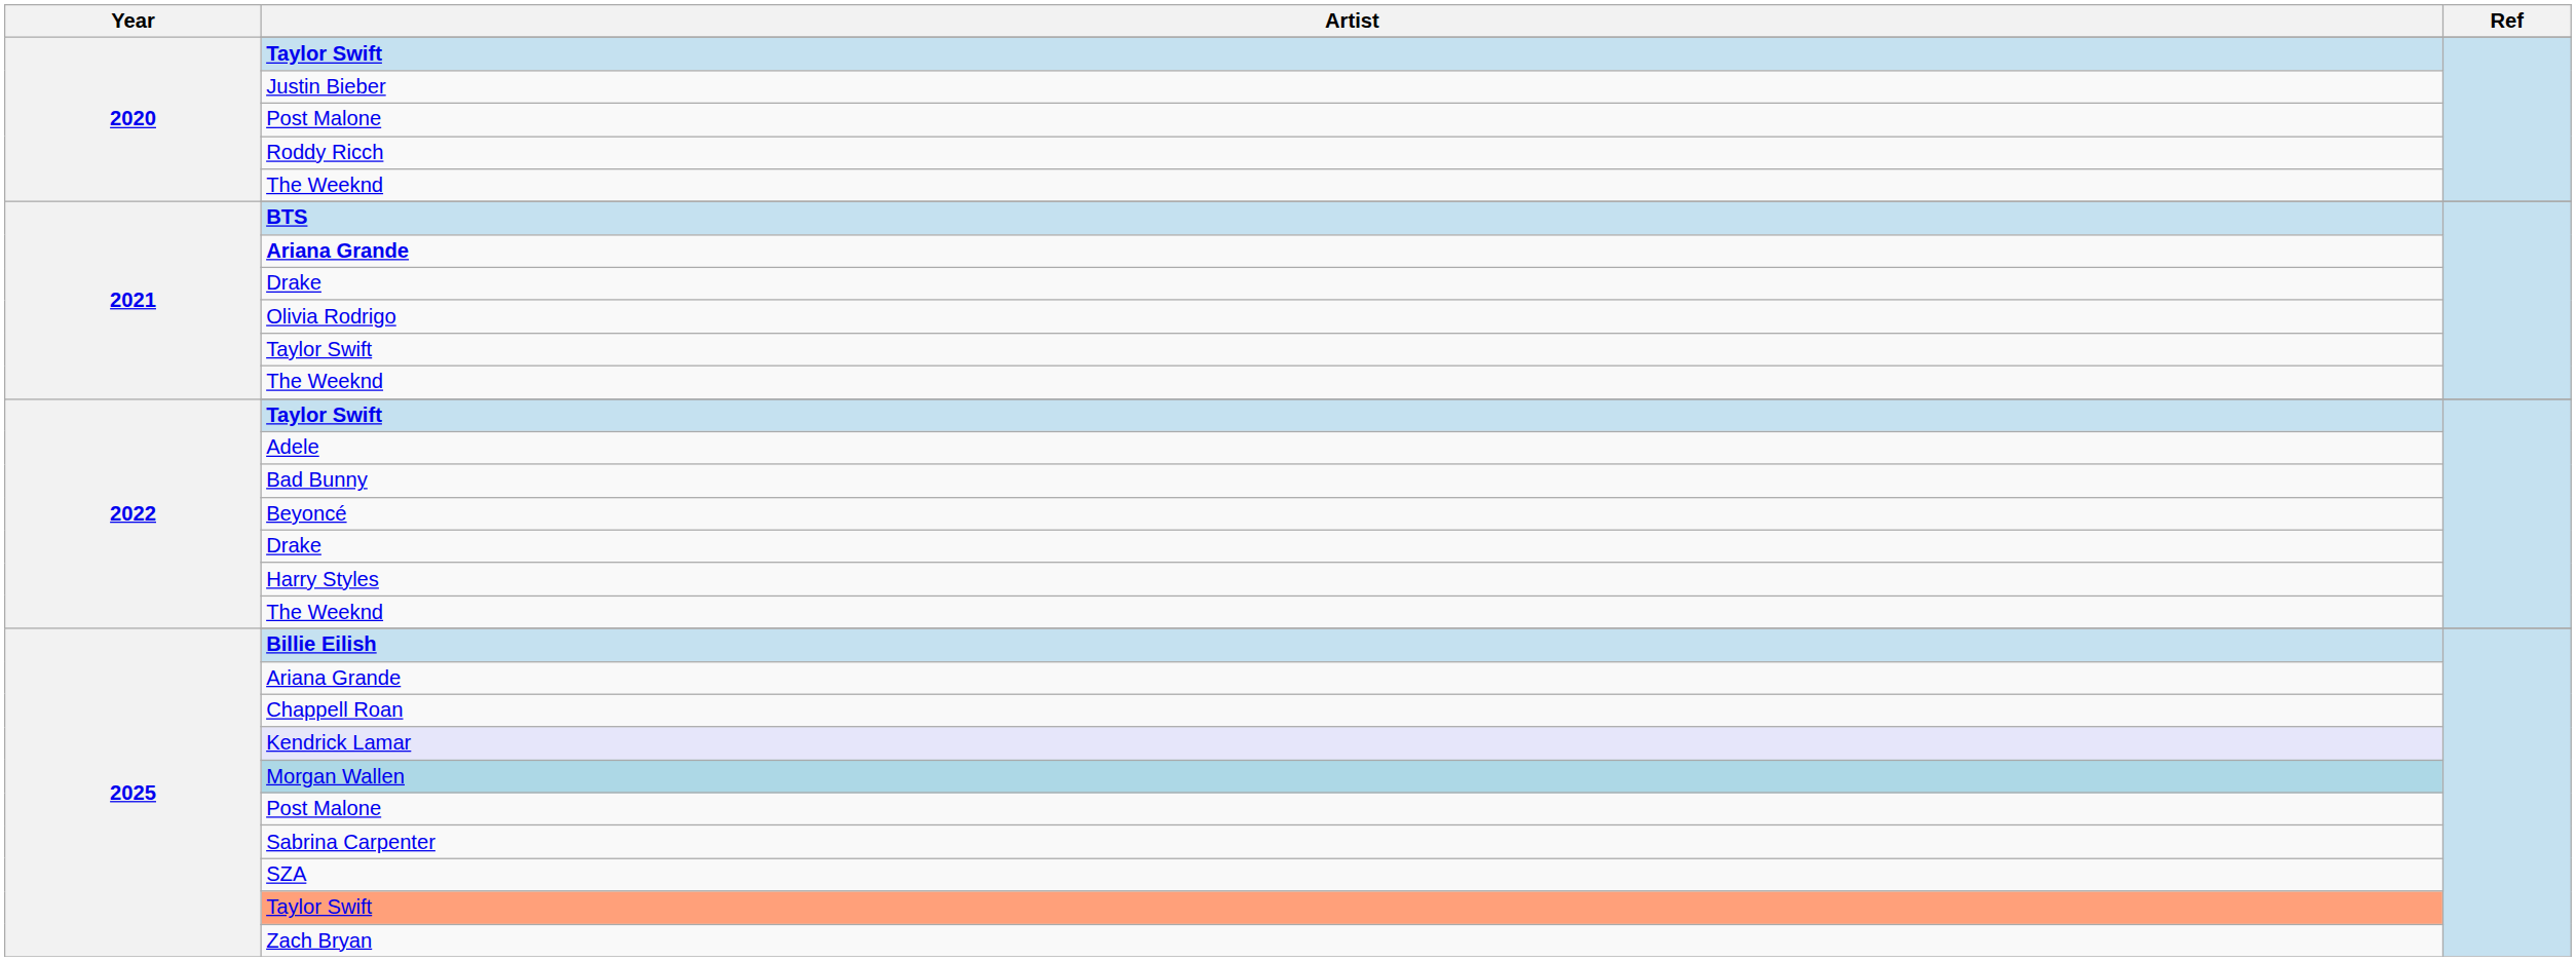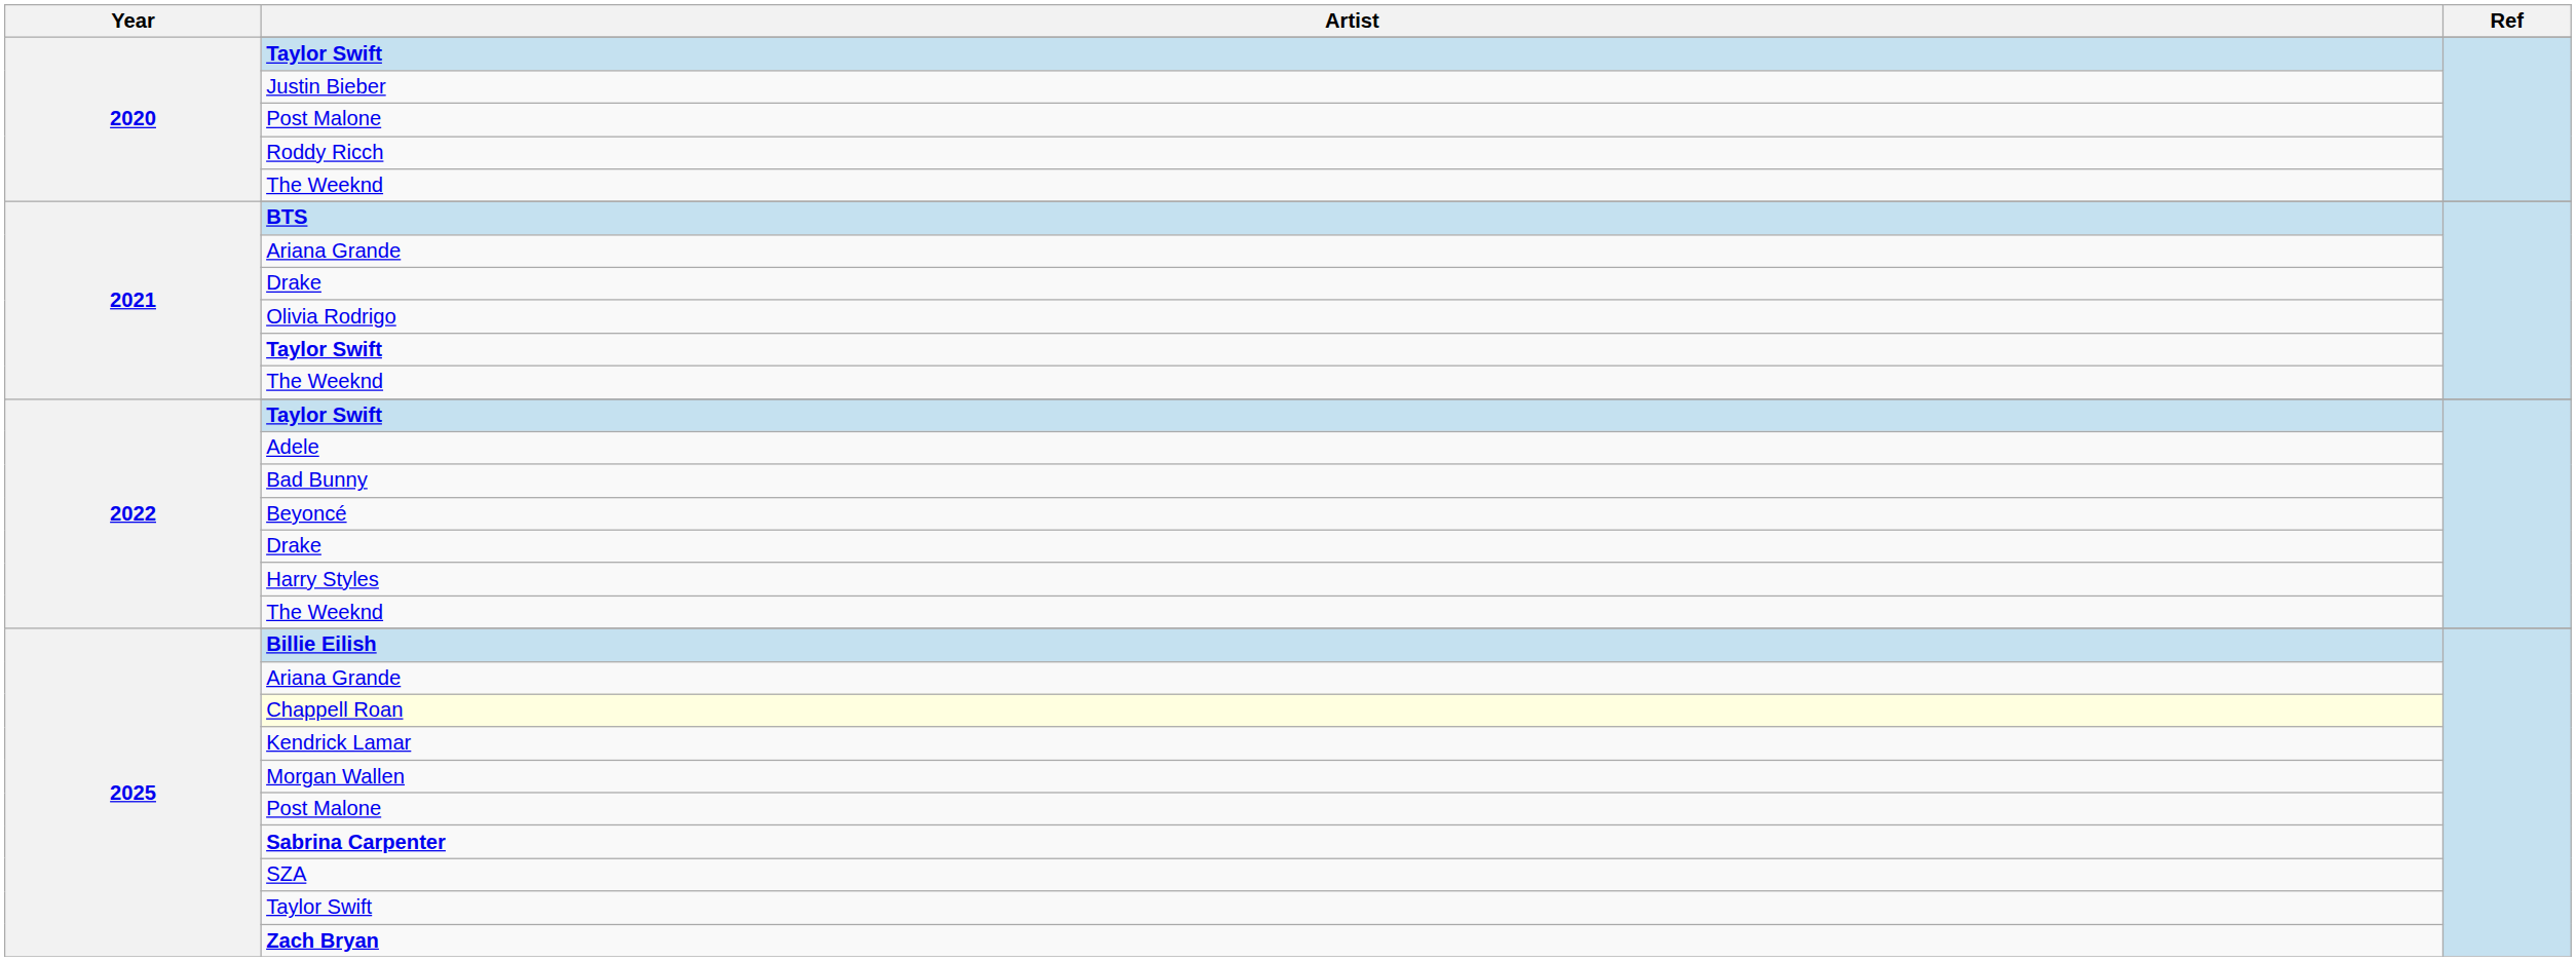 <table class="wikitable" width="100%">
 <tr>
 <th width="10%">Year</th>
 <th width="85%">Artist</th>
 <th width="5%">Ref</th>
 </tr>
 <tr>
 <th rowspan="6" align="center"><a href='#'>2020<br></a></th>
 </tr>
 <tr style="background:#c5e1f0">
 <td><strong><a href='#'>Taylor Swift</a></strong></td>
 <td rowspan="5" align="center"></td>
 </tr>
 <tr>
 <td><a href='#'>Justin Bieber</a></td>
 </tr>
 <tr>
 <td><a href='#'>Post Malone</a></td>
 </tr>
 <tr>
 <td><a href='#'>Roddy Ricch</a></td>
 </tr>
 <tr>
 <td><a href='#'>The Weeknd</a></td>
 </tr>
 <tr>
 <th rowspan="7" align="center"><a href='#'>2021<br></a></th>
 </tr>
 <tr style="background:#c5e1f0">
 <td><strong><a href='#'>BTS</a></strong></td>
 <td rowspan="6" align="center"></td>
 </tr>
 <tr>
-<td><strong><a href='#'>Ariana Grande</a></strong></td>
+<td><a href='#'>Ariana Grande</a></td>
 </tr>
 <tr>
 <td><a href='#'>Drake</a></td>
 </tr>
 <tr>
 <td><a href='#'>Olivia Rodrigo</a></td>
 </tr>
 <tr>
-<td><a href='#'>Taylor Swift</a></td>
+<td><strong><a href='#'>Taylor Swift</a></strong></td>
 </tr>
 <tr>
 <td><a href='#'>The Weeknd</a></td>
 </tr>
 <tr>
 <th rowspan="8" align="center"><a href='#'>2022<br></a></th>
 </tr>
 <tr style="background:#c5e1f0">
 <td><strong><a href='#'>Taylor Swift</a></strong></td>
 <td rowspan="7" align="center"></td>
 </tr>
 <tr>
 <td><a href='#'>Adele</a></td>
 </tr>
 <tr>
 <td><a href='#'>Bad Bunny</a></td>
 </tr>
 <tr>
 <td><a href='#'>Beyoncé</a></td>
 </tr>
 <tr>
 <td><a href='#'>Drake</a></td>
 </tr>
 <tr>
 <td><a href='#'>Harry Styles</a></td>
 </tr>
 <tr>
 <td><a href='#'>The Weeknd</a></td>
 </tr>
 <tr>
 <th rowspan="11" align="center"><a href='#'>2025<br></a></th>
 </tr>
 <tr style="background:#c5e1f0">
 <td><strong><a href='#'>Billie Eilish</a></strong></td>
 <td rowspan="11" align="center"></td>
 </tr>
 <tr>
 <td><a href='#'>Ariana Grande</a></td>
 </tr>
 <tr>
-<td><a href='#'>Chappell Roan</a></td>
+<td style="background: lightyellow;"><a href='#'>Chappell Roan</a></td>
 </tr>
 <tr>
-<td style="background: lavender;"><a href='#'>Kendrick Lamar</a></td>
+<td><a href='#'>Kendrick Lamar</a></td>
 </tr>
 <tr>
-<td style="background: lightblue;"><a href='#'>Morgan Wallen</a></td>
+<td><a href='#'>Morgan Wallen</a></td>
 </tr>
 <tr>
 <td><a href='#'>Post Malone</a></td>
 </tr>
 <tr>
-<td><a href='#'>Sabrina Carpenter</a></td>
+<td><strong><a href='#'>Sabrina Carpenter</a></strong></td>
 </tr>
 <tr>
 <td><a href='#'>SZA</a></td>
 </tr>
 <tr>
-<td style="background: lightsalmon;"><a href='#'>Taylor Swift</a></td>
+<td><a href='#'>Taylor Swift</a></td>
 </tr>
 <tr>
-<td><a href='#'>Zach Bryan</a></td>
+<td><strong><a href='#'>Zach Bryan</a></strong></td>
 </tr>
 </table>
